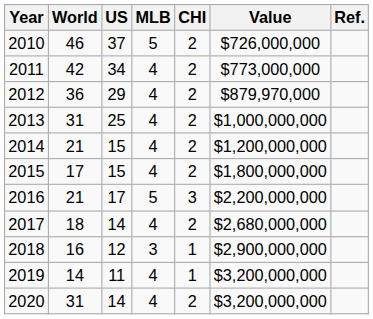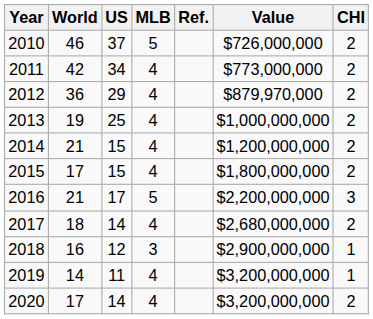 <table class="wikitable" style="font-size:95%; text-align:center;">
 <tr>
 <th>Year</th>
 <th>World</th>
 <th>US</th>
 <th>MLB</th>
+<th class="unsortable">Ref.</th>
+<th>Value</th>
 <th>CHI</th>
-<th>Value</th>
-<th class="unsortable">Ref.</th>
 </tr>
 <tr>
 <td>2010</td>
 <td> 46</td>
 <td> 37</td>
 <td> 5</td>
+<td></td>
+<td>$726,000,000</td>
 <td> 2</td>
-<td>$726,000,000</td>
-<td></td>
 </tr>
 <tr>
 <td>2011</td>
 <td> 42</td>
 <td> 34</td>
 <td> 4</td>
+<td></td>
+<td>$773,000,000</td>
 <td> 2</td>
-<td>$773,000,000</td>
-<td></td>
 </tr>
 <tr>
 <td>2012</td>
 <td> 36</td>
 <td> 29</td>
 <td> 4</td>
+<td></td>
+<td>$879,970,000</td>
 <td> 2</td>
-<td>$879,970,000</td>
-<td></td>
 </tr>
 <tr>
 <td>2013</td>
-<td> 31</td>
+<td> 19</td>
 <td> 25</td>
 <td> 4</td>
+<td></td>
+<td>$1,000,000,000</td>
 <td> 2</td>
-<td>$1,000,000,000</td>
-<td></td>
 </tr>
 <tr>
 <td>2014</td>
 <td> 21</td>
 <td> 15</td>
 <td> 4</td>
+<td></td>
+<td>$1,200,000,000</td>
 <td> 2</td>
-<td>$1,200,000,000</td>
-<td></td>
 </tr>
 <tr>
 <td>2015</td>
 <td> 17</td>
 <td> 15</td>
 <td> 4</td>
+<td></td>
+<td>$1,800,000,000</td>
 <td> 2</td>
-<td>$1,800,000,000</td>
-<td></td>
 </tr>
 <tr>
 <td>2016</td>
 <td> 21</td>
 <td> 17</td>
 <td> 5</td>
+<td></td>
+<td>$2,200,000,000</td>
 <td> 3</td>
-<td>$2,200,000,000</td>
-<td></td>
 </tr>
 <tr>
 <td>2017</td>
 <td> 18</td>
 <td> 14</td>
 <td> 4</td>
+<td></td>
+<td>$2,680,000,000</td>
 <td> 2</td>
-<td>$2,680,000,000</td>
-<td></td>
 </tr>
 <tr>
 <td>2018</td>
 <td> 16</td>
 <td> 12</td>
 <td> 3</td>
+<td></td>
+<td>$2,900,000,000</td>
 <td> 1</td>
-<td>$2,900,000,000</td>
-<td></td>
 </tr>
 <tr>
 <td>2019</td>
 <td> 14</td>
 <td> 11</td>
 <td> 4</td>
+<td></td>
+<td>$3,200,000,000</td>
 <td> 1</td>
-<td>$3,200,000,000</td>
-<td></td>
 </tr>
 <tr>
 <td>2020</td>
-<td> 31</td>
+<td> 17</td>
 <td> 14</td>
 <td> 4</td>
+<td></td>
+<td>$3,200,000,000</td>
 <td> 2</td>
-<td>$3,200,000,000</td>
-<td></td>
 </tr>
 </table>
